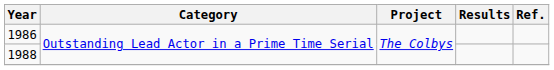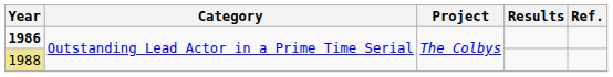 <table class="wikitable sortable">
 <tr>
 <th>Year</th>
 <th>Category</th>
 <th>Project</th>
 <th>Results</th>
 <th>Ref.</th>
 </tr>
 <tr>
-<td>1986</td>
+<td><strong>1986</strong></td>
 <td rowspan="2"><a href='#'>Outstanding Lead Actor in a Prime Time Serial</a></td>
 <td rowspan="2"><em><a href='#'>The Colbys</a></em></td>
 <td></td>
 <td></td>
 </tr>
 <tr>
-<td>1988</td>
+<td style="background: khaki;">1988</td>
 <td></td>
 <td></td>
 </tr>
 <tr>
 </tr>
 </table>
